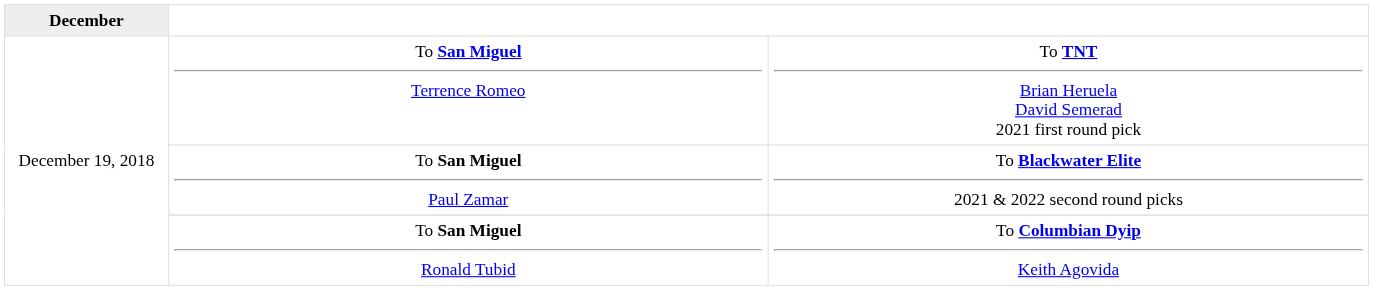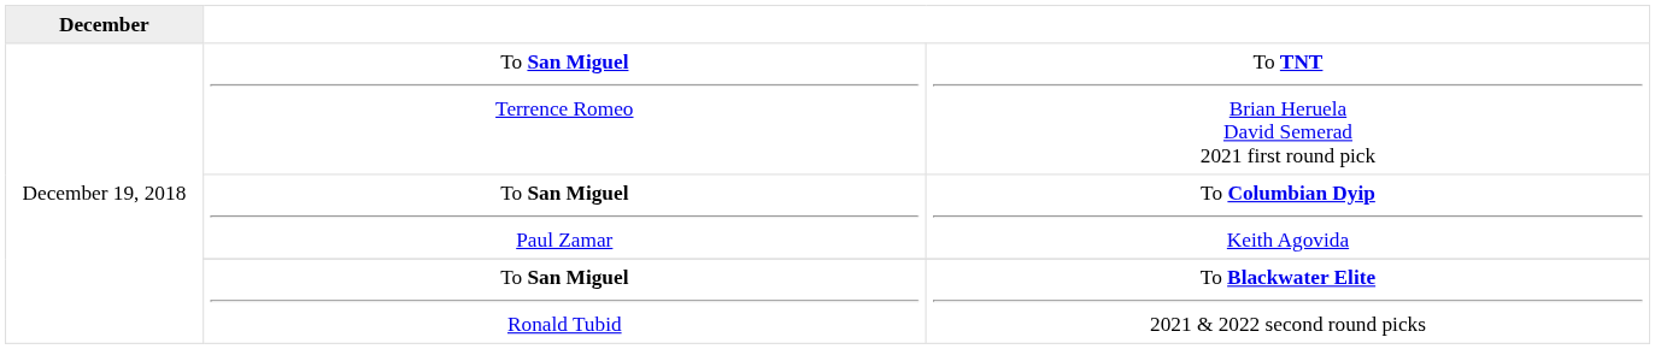 <table border=1 style="border-collapse:collapse; text-align: center; width: 100%" bordercolor="#DFDFDF"  cellpadding="5">
 <tr bgcolor="eeeeee">
 <th>December</th>
 </tr>
 <tr>
 <td style="width:12%" rowspan=4>December 19, 2018</td>
 <td style="width:29.3%" valign="top">To <strong><a href='#'>San Miguel</a></strong><hr><a href='#'>Terrence Romeo</a></td>
 <td style="width:29.3%" valign="top">To <strong><a href='#'>TNT</a></strong><hr><a href='#'>Brian Heruela</a><br><a href='#'>David Semerad</a><br>2021 first round pick</td>
 </tr>
 <tr>
 <td style="width:44%" valign="top">To <strong>San Miguel</strong><hr><a href='#'>Paul Zamar</a></td>
-<td style="width:44%" valign="top">To <strong><a href='#'>Blackwater Elite</a></strong><hr>2021 & 2022 second round picks</td>
+<td style="width:44%" valign="top">To <strong><a href='#'>Columbian Dyip</a></strong><hr><a href='#'>Keith Agovida</a></td>
 </tr>
 <tr>
 </tr>
 <tr>
 <td style="width:44%" valign="top">To <strong>San Miguel</strong><hr><a href='#'>Ronald Tubid</a></td>
-<td style="width:44%" valign="top">To <strong><a href='#'>Columbian Dyip</a></strong><hr><a href='#'>Keith Agovida</a></td>
+<td style="width:44%" valign="top">To <strong><a href='#'>Blackwater Elite</a></strong><hr>2021 & 2022 second round picks</td>
 </tr>
 </table>
